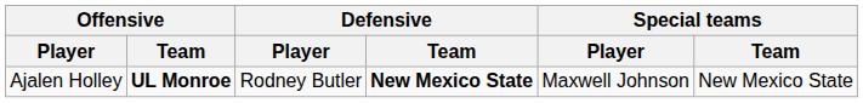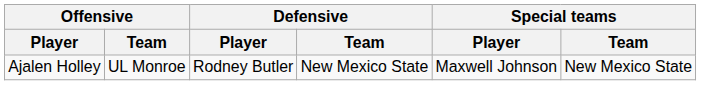 <table class="wikitable">
 <tr>
 <th colspan="2">Offensive</th>
 <th colspan="2">Defensive</th>
 <th colspan="2">Special teams</th>
 </tr>
 <tr>
 <th>Player</th>
 <th>Team</th>
 <th>Player</th>
 <th>Team</th>
 <th>Player</th>
 <th>Team</th>
 </tr>
 <tr>
 <td>Ajalen Holley</td>
-<td><strong>UL Monroe</strong></td>
+<td>UL Monroe</td>
 <td>Rodney Butler</td>
-<td><strong>New Mexico State</strong></td>
+<td>New Mexico State</td>
 <td>Maxwell Johnson</td>
 <td>New Mexico State</td>
 </tr>
 </table>
